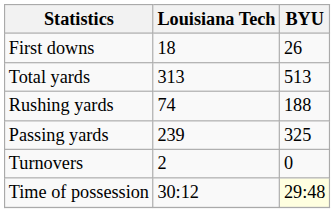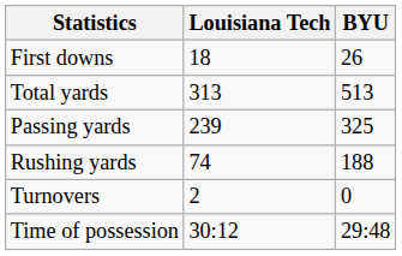 <table class="wikitable">
 <tr>
 <th>Statistics</th>
 <th>Louisiana Tech</th>
 <th>BYU</th>
 </tr>
 <tr>
 <td>First downs</td>
 <td>18</td>
 <td>26</td>
 </tr>
 <tr>
 <td>Total yards</td>
 <td>313</td>
 <td>513</td>
 </tr>
 <tr>
+<td>Passing yards</td>
+<td>239</td>
+<td>325</td>
+</tr>
+<tr>
 <td>Rushing yards</td>
 <td>74</td>
 <td>188</td>
-</tr>
-<tr>
-<td>Passing yards</td>
-<td>239</td>
-<td>325</td>
 </tr>
 <tr>
 <td>Turnovers</td>
 <td>2</td>
 <td>0</td>
 </tr>
 <tr>
 <td>Time of possession</td>
 <td>30:12</td>
-<td style="background: lightyellow;">29:48</td>
+<td>29:48</td>
 </tr>
 <tr>
 </tr>
 </table>
